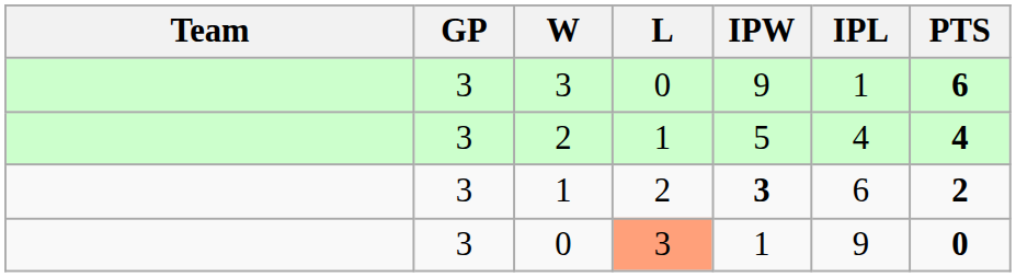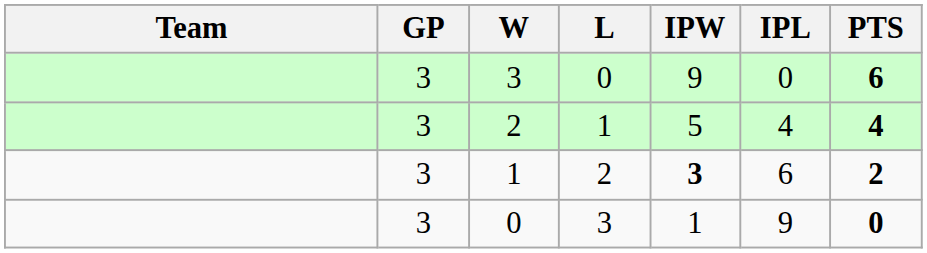 <table class="wikitable" style="text-align: center">
 <tr>
 <th style="width: 188px">Team</th>
 <th style="width: 40px">GP</th>
 <th style="width: 40px">W</th>
 <th style="width: 40px">L</th>
 <th style="width: 40px">IPW</th>
 <th style="width: 40px">IPL</th>
 <th style="width: 40px">PTS</th>
 </tr>
 <tr style="background: #ccffcc">
 <td style="text-align: left"></td>
 <td>3</td>
 <td>3</td>
 <td>0</td>
 <td>9</td>
-<td>1</td>
+<td>0</td>
 <td><strong>6</strong></td>
 </tr>
 <tr style="background: #ccffcc">
 <td style="text-align: left"></td>
 <td>3</td>
 <td>2</td>
 <td>1</td>
 <td>5</td>
 <td>4</td>
 <td><strong>4</strong></td>
 </tr>
 <tr>
 <td style="text-align: left"></td>
 <td>3</td>
 <td>1</td>
 <td>2</td>
 <td><strong>3</strong></td>
 <td>6</td>
 <td><strong>2</strong></td>
 </tr>
 <tr>
 <td style="text-align: left"></td>
 <td>3</td>
 <td>0</td>
-<td style="background: lightsalmon;">3</td>
+<td>3</td>
 <td>1</td>
 <td>9</td>
 <td><strong>0</strong></td>
 </tr>
 </table>
